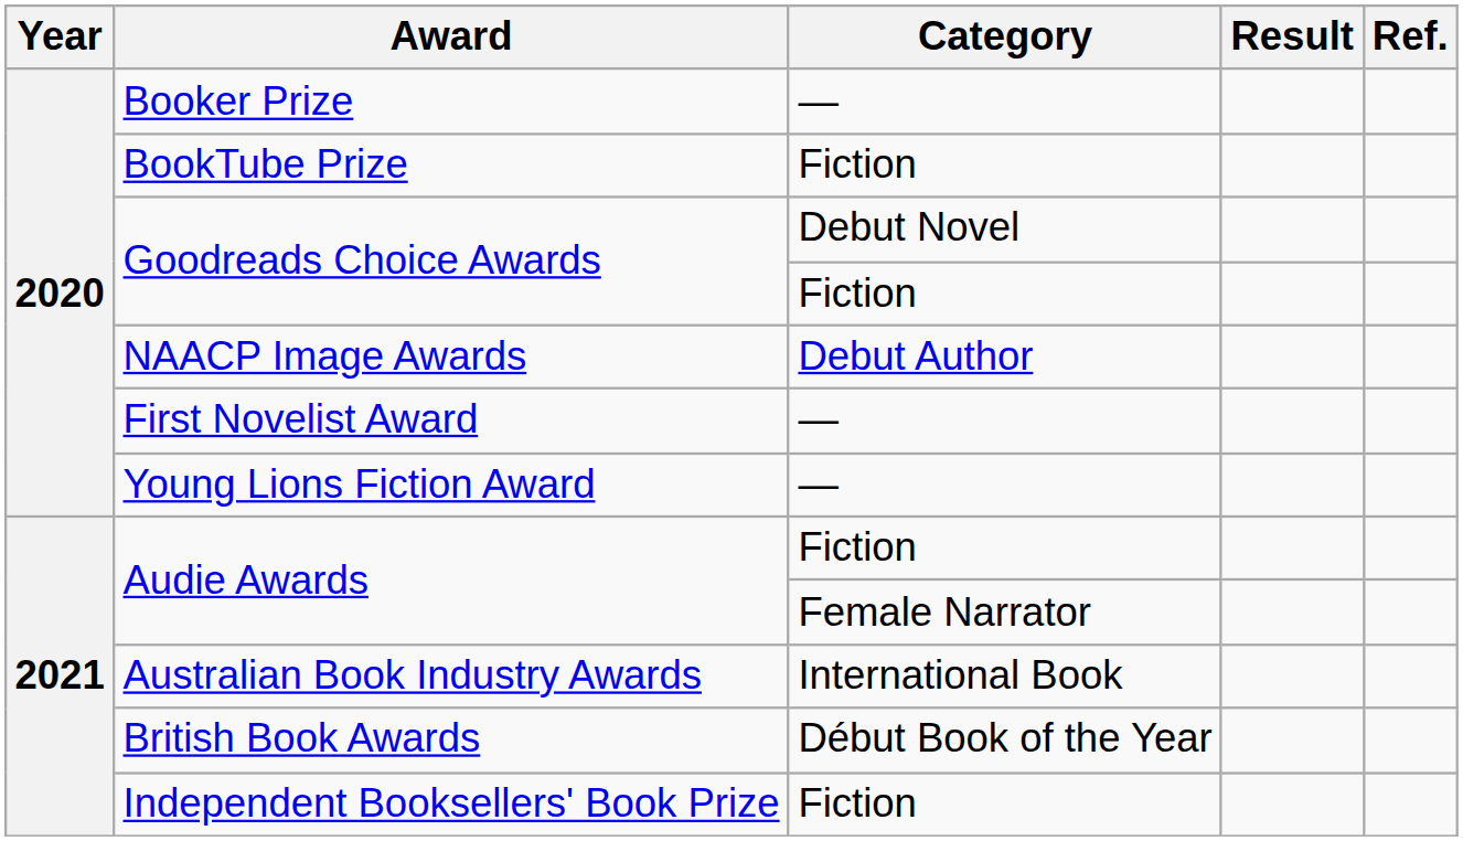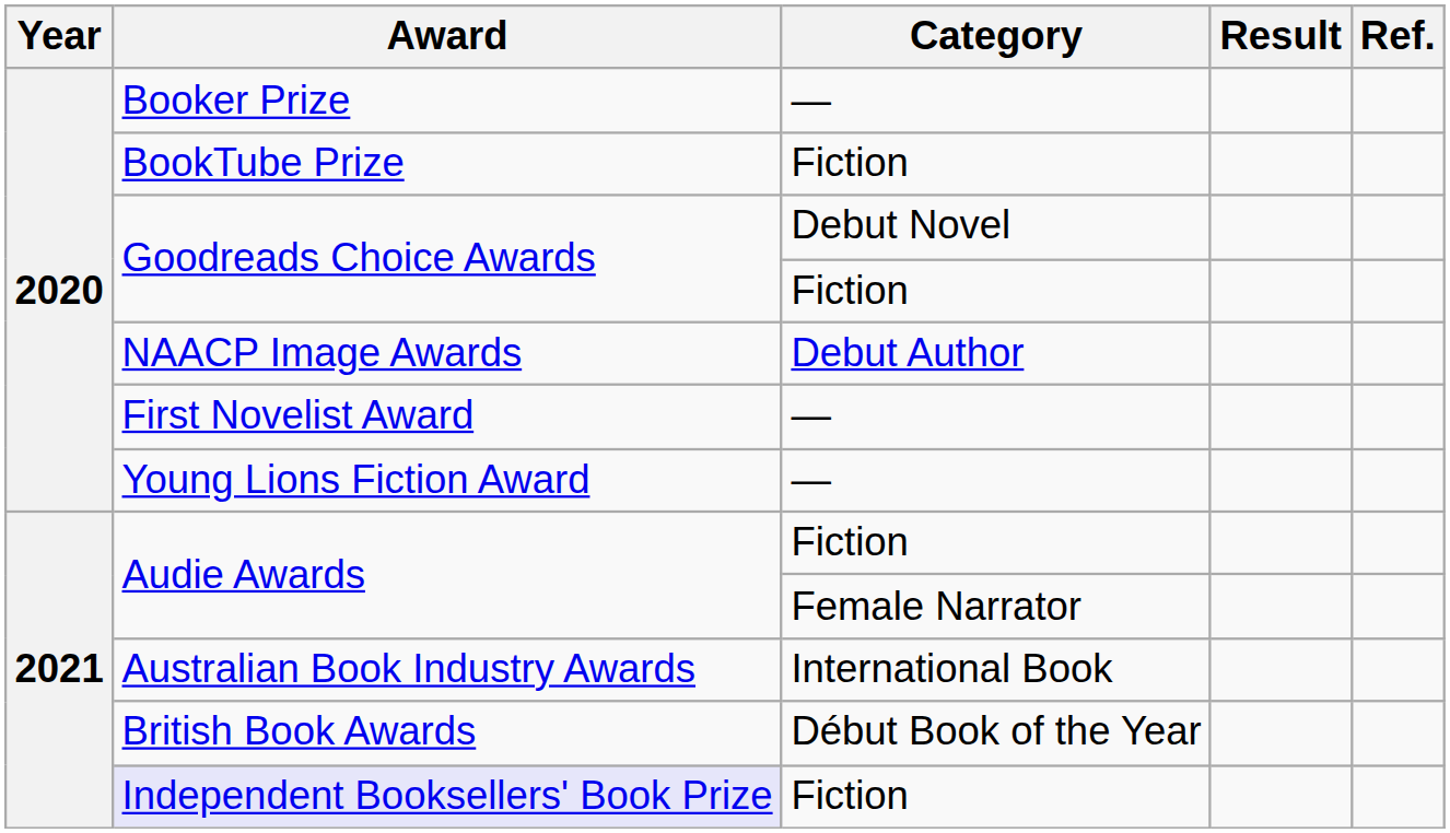 <table class="wikitable sortable">
 <tr>
 <th>Year</th>
 <th>Award</th>
 <th>Category</th>
 <th>Result</th>
 <th>Ref.</th>
 </tr>
 <tr>
 <th rowspan="7">2020</th>
 <td><a href='#'>Booker Prize</a></td>
 <td>—</td>
 <td></td>
 <td></td>
 </tr>
 <tr>
 <td><a href='#'>BookTube Prize</a></td>
 <td>Fiction</td>
 <td></td>
 <td></td>
 </tr>
 <tr>
 <td rowspan="2"><a href='#'>Goodreads Choice Awards</a></td>
 <td>Debut Novel</td>
 <td></td>
 <td></td>
 </tr>
 <tr>
 <td>Fiction</td>
 <td></td>
 <td></td>
 </tr>
 <tr>
 <td><a href='#'>NAACP Image Awards</a></td>
 <td><a href='#'>Debut Author</a></td>
 <td></td>
 <td></td>
 </tr>
 <tr>
 <td><a href='#'>First Novelist Award</a></td>
 <td>—</td>
 <td></td>
 <td></td>
 </tr>
 <tr>
 <td><a href='#'>Young Lions Fiction Award</a></td>
 <td>—</td>
 <td></td>
 <td></td>
 </tr>
 <tr>
 <th rowspan="5">2021</th>
 <td rowspan="2"><a href='#'>Audie Awards</a></td>
 <td>Fiction</td>
 <td></td>
 <td></td>
 </tr>
 <tr>
 <td>Female Narrator</td>
 <td></td>
 <td></td>
 </tr>
 <tr>
 <td><a href='#'>Australian Book Industry Awards</a></td>
 <td>International Book</td>
 <td></td>
 <td></td>
 </tr>
 <tr>
 <td><a href='#'>British Book Awards</a></td>
 <td>Début Book of the Year</td>
 <td></td>
 <td></td>
 </tr>
 <tr>
-<td><a href='#'>Independent Booksellers' Book Prize</a></td>
+<td style="background: lavender;"><a href='#'>Independent Booksellers' Book Prize</a></td>
 <td>Fiction</td>
 <td></td>
 <td></td>
 </tr>
 </table>
